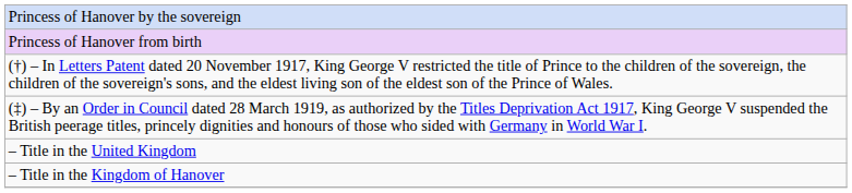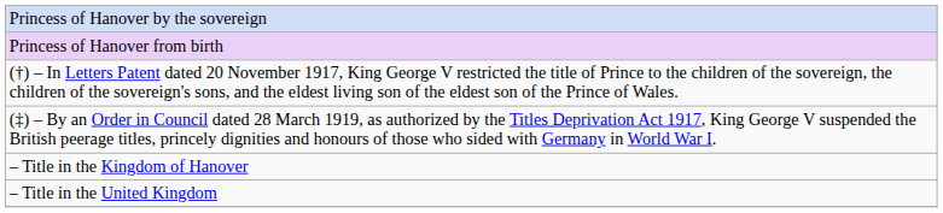 <table class="wikitable">
 <tr>
 <td style="background:#d0def8">Princess of Hanover by the sovereign</td>
 </tr>
 <tr>
 <td style="background:#ead0f8">Princess of Hanover from birth</td>
 </tr>
 <tr>
 <td><span>(†)</span> – In <a href='#'>Letters Patent</a> dated 20 November 1917, King George V restricted the title of Prince to the children of the sovereign, the children of the sovereign's sons, and the eldest living son of the eldest son of the Prince of Wales.</td>
 </tr>
 <tr>
 <td><span>(‡)</span> – By an <a href='#'>Order in Council</a> dated 28 March 1919, as authorized by the <a href='#'>Titles Deprivation Act 1917</a>, King George V suspended the British peerage titles, princely dignities and honours of those who sided with <a href='#'>Germany</a> in <a href='#'>World War I</a>.</td>
 </tr>
 <tr>
-<td> – Title in the <a href='#'>United Kingdom</a></td>
+<td> – Title in the <a href='#'>Kingdom of Hanover</a></td>
 </tr>
 <tr>
-<td> – Title in the <a href='#'>Kingdom of Hanover</a></td>
+<td> – Title in the <a href='#'>United Kingdom</a></td>
 </tr>
 <tr>
 </tr>
 </table>
